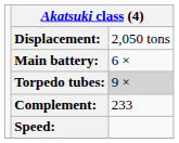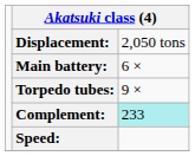 <table class="wikitable plainrowheaders" style="text-align:left">
 <tr valign="bottom">
 <td rowspan=6 style="text-align:center"></td>
 <th colspan=2 style="text-align:center"><a href='#'><em>Akatsuki</em> class</a> (4)</th>
 </tr>
 <tr>
 <th style="text-align:left">Displacement:</th>
 <td>2,050 tons</td>
 </tr>
 <tr>
 <th style="text-align:left">Main battery:</th>
 <td>6 × </td>
 </tr>
 <tr>
 <th style="text-align:left">Torpedo tubes:</th>
-<td style="background: lightgrey;">9 × </td>
+<td>9 × </td>
 </tr>
 <tr>
 <th style="text-align:left">Complement:</th>
-<td>233</td>
+<td style="background: paleturquoise;">233</td>
 </tr>
 <tr>
 <th style="text-align:left">Speed:</th>
 <td></td>
 </tr>
 <tr>
 </tr>
 </table>
